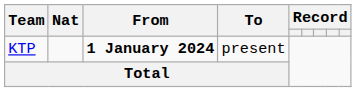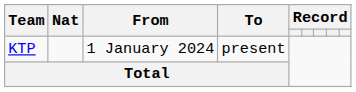 <table class="wikitable" style="text-align: center">
 <tr>
 <th rowspan=2>Team</th>
 <th rowspan=2>Nat</th>
 <th rowspan=2>From</th>
 <th rowspan=2>To</th>
 <th colspan=8>Record</th>
 </tr>
 <tr>
 <th></th>
 <th></th>
 <th></th>
 <th></th>
 <th></th>
 </tr>
 <tr>
 <td align=left><a href='#'>KTP</a></td>
 <td></td>
-<td align=left><strong>1 January 2024</strong></td>
+<td align=left>1 January 2024</td>
 <td align=left>present<br></td>
 </tr>
 <tr>
 <th colspan=4>Total<br></th>
 </tr>
 </table>
